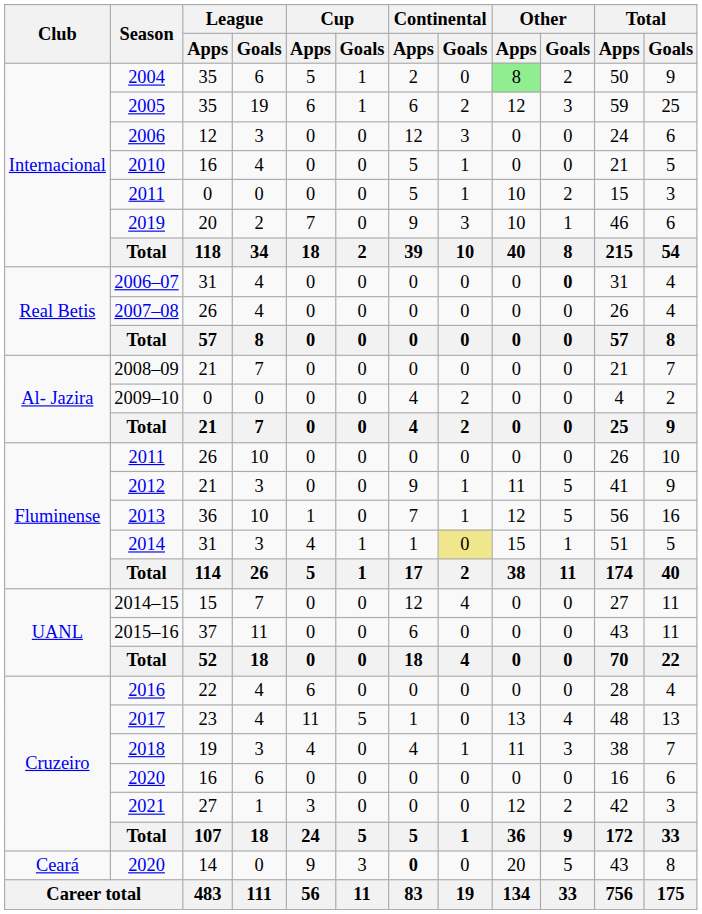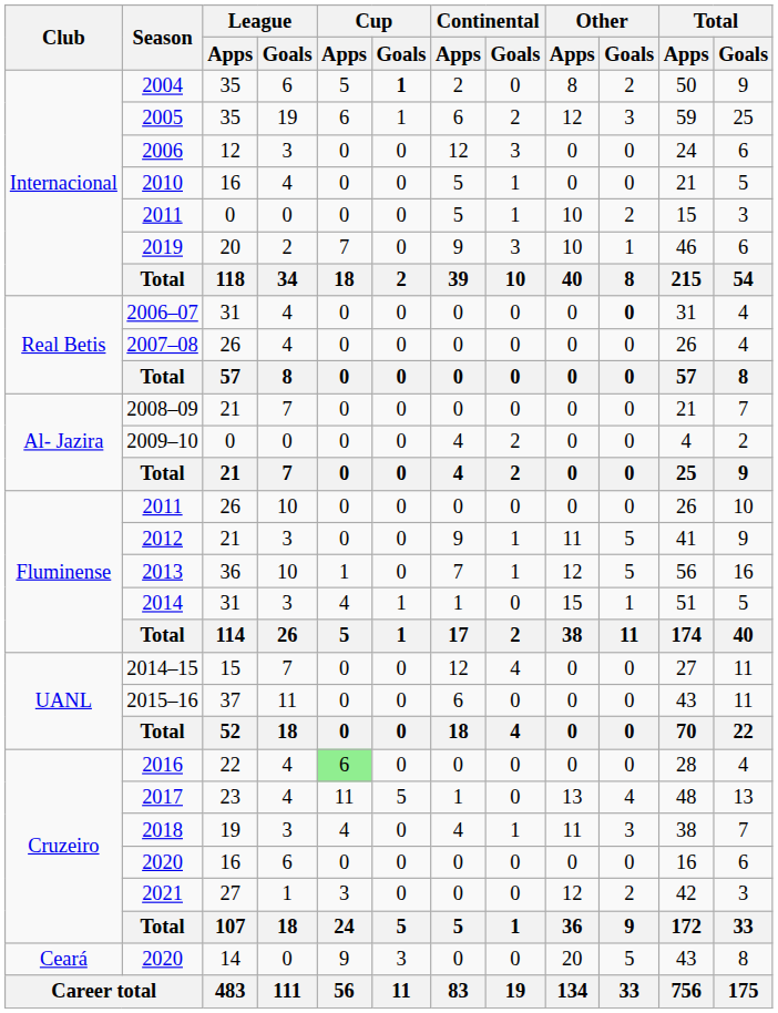 <table class="wikitable" style="text-align:center">
 <tr>
 <th rowspan="2">Club</th>
 <th rowspan="2">Season</th>
 <th colspan="2">League</th>
 <th colspan="2">Cup</th>
 <th colspan="2">Continental</th>
 <th colspan="2">Other</th>
 <th colspan="2">Total</th>
 </tr>
 <tr>
 <th>Apps</th>
 <th>Goals</th>
 <th>Apps</th>
 <th>Goals</th>
 <th>Apps</th>
 <th>Goals</th>
 <th>Apps</th>
 <th>Goals</th>
 <th>Apps</th>
 <th>Goals</th>
 </tr>
 <tr>
 <td rowspan="7"><a href='#'>Internacional</a></td>
 <td><a href='#'>2004</a></td>
 <td>35</td>
 <td>6</td>
 <td>5</td>
-<td>1</td>
+<td><strong>1</strong></td>
 <td>2</td>
 <td>0</td>
-<td style="background: lightgreen;">8</td>
+<td>8</td>
 <td>2</td>
 <td>50</td>
 <td>9</td>
 </tr>
 <tr>
 <td><a href='#'>2005</a></td>
 <td>35</td>
 <td>19</td>
 <td>6</td>
 <td>1</td>
 <td>6</td>
 <td>2</td>
 <td>12</td>
 <td>3</td>
 <td>59</td>
 <td>25</td>
 </tr>
 <tr>
 <td><a href='#'>2006</a></td>
 <td>12</td>
 <td>3</td>
 <td>0</td>
 <td>0</td>
 <td>12</td>
 <td>3</td>
 <td>0</td>
 <td>0</td>
 <td>24</td>
 <td>6</td>
 </tr>
 <tr>
 <td><a href='#'>2010</a></td>
 <td>16</td>
 <td>4</td>
 <td>0</td>
 <td>0</td>
 <td>5</td>
 <td>1</td>
 <td>0</td>
 <td>0</td>
 <td>21</td>
 <td>5</td>
 </tr>
 <tr>
 <td><a href='#'>2011</a></td>
 <td>0</td>
 <td>0</td>
 <td>0</td>
 <td>0</td>
 <td>5</td>
 <td>1</td>
 <td>10</td>
 <td>2</td>
 <td>15</td>
 <td>3</td>
 </tr>
 <tr>
 <td><a href='#'>2019</a></td>
 <td>20</td>
 <td>2</td>
 <td>7</td>
 <td>0</td>
 <td>9</td>
 <td>3</td>
 <td>10</td>
 <td>1</td>
 <td>46</td>
 <td>6</td>
 </tr>
 <tr>
 <th>Total</th>
 <th>118</th>
 <th>34</th>
 <th>18</th>
 <th>2</th>
 <th>39</th>
 <th>10</th>
 <th>40</th>
 <th>8</th>
 <th>215</th>
 <th>54</th>
 </tr>
 <tr>
 <td rowspan="3"><a href='#'>Real Betis</a></td>
 <td><a href='#'>2006–07</a></td>
 <td>31</td>
 <td>4</td>
 <td>0</td>
 <td>0</td>
 <td>0</td>
 <td>0</td>
 <td>0</td>
 <td><strong>0</strong></td>
 <td>31</td>
 <td>4</td>
 </tr>
 <tr>
 <td><a href='#'>2007–08</a></td>
 <td>26</td>
 <td>4</td>
 <td>0</td>
 <td>0</td>
 <td>0</td>
 <td>0</td>
 <td>0</td>
 <td>0</td>
 <td>26</td>
 <td>4</td>
 </tr>
 <tr>
 <th>Total</th>
 <th>57</th>
 <th>8</th>
 <th>0</th>
 <th>0</th>
 <th>0</th>
 <th>0</th>
 <th>0</th>
 <th>0</th>
 <th>57</th>
 <th>8</th>
 </tr>
 <tr>
 <td rowspan="3"><a href='#'>Al- Jazira</a></td>
 <td>2008–09</td>
 <td>21</td>
 <td>7</td>
 <td>0</td>
 <td>0</td>
 <td>0</td>
 <td>0</td>
 <td>0</td>
 <td>0</td>
 <td>21</td>
 <td>7</td>
 </tr>
 <tr>
 <td>2009–10</td>
 <td>0</td>
 <td>0</td>
 <td>0</td>
 <td>0</td>
 <td>4</td>
 <td>2</td>
 <td>0</td>
 <td>0</td>
 <td>4</td>
 <td>2</td>
 </tr>
 <tr>
 <th>Total</th>
 <th>21</th>
 <th>7</th>
 <th>0</th>
 <th>0</th>
 <th>4</th>
 <th>2</th>
 <th>0</th>
 <th>0</th>
 <th>25</th>
 <th>9</th>
 </tr>
 <tr>
 <td rowspan="5"><a href='#'>Fluminense</a></td>
 <td><a href='#'>2011</a></td>
 <td>26</td>
 <td>10</td>
 <td>0</td>
 <td>0</td>
 <td>0</td>
 <td>0</td>
 <td>0</td>
 <td>0</td>
 <td>26</td>
 <td>10</td>
 </tr>
 <tr>
 <td><a href='#'>2012</a></td>
 <td>21</td>
 <td>3</td>
 <td>0</td>
 <td>0</td>
 <td>9</td>
 <td>1</td>
 <td>11</td>
 <td>5</td>
 <td>41</td>
 <td>9</td>
 </tr>
 <tr>
 <td><a href='#'>2013</a></td>
 <td>36</td>
 <td>10</td>
 <td>1</td>
 <td>0</td>
 <td>7</td>
 <td>1</td>
 <td>12</td>
 <td>5</td>
 <td>56</td>
 <td>16</td>
 </tr>
 <tr>
 <td><a href='#'>2014</a></td>
 <td>31</td>
 <td>3</td>
 <td>4</td>
 <td>1</td>
 <td>1</td>
-<td style="background: khaki;">0</td>
+<td>0</td>
 <td>15</td>
 <td>1</td>
 <td>51</td>
 <td>5</td>
 </tr>
 <tr>
 <th>Total</th>
 <th>114</th>
 <th>26</th>
 <th>5</th>
 <th>1</th>
 <th>17</th>
 <th>2</th>
 <th>38</th>
 <th>11</th>
 <th>174</th>
 <th>40</th>
 </tr>
 <tr>
 <td rowspan="3"><a href='#'>UANL</a></td>
 <td>2014–15</td>
 <td>15</td>
 <td>7</td>
 <td>0</td>
 <td>0</td>
 <td>12</td>
 <td>4</td>
 <td>0</td>
 <td>0</td>
 <td>27</td>
 <td>11</td>
 </tr>
 <tr>
 <td>2015–16</td>
 <td>37</td>
 <td>11</td>
 <td>0</td>
 <td>0</td>
 <td>6</td>
 <td>0</td>
 <td>0</td>
 <td>0</td>
 <td>43</td>
 <td>11</td>
 </tr>
 <tr>
 <th>Total</th>
 <th>52</th>
 <th>18</th>
 <th>0</th>
 <th>0</th>
 <th>18</th>
 <th>4</th>
 <th>0</th>
 <th>0</th>
 <th>70</th>
 <th>22</th>
 </tr>
 <tr>
 <td rowspan="6"><a href='#'>Cruzeiro</a></td>
 <td><a href='#'>2016</a></td>
 <td>22</td>
 <td>4</td>
-<td>6</td>
+<td style="background: lightgreen;">6</td>
 <td>0</td>
 <td>0</td>
 <td>0</td>
 <td>0</td>
 <td>0</td>
 <td>28</td>
 <td>4</td>
 </tr>
 <tr>
 <td><a href='#'>2017</a></td>
 <td>23</td>
 <td>4</td>
 <td>11</td>
 <td>5</td>
 <td>1</td>
 <td>0</td>
 <td>13</td>
 <td>4</td>
 <td>48</td>
 <td>13</td>
 </tr>
 <tr>
 <td><a href='#'>2018</a></td>
 <td>19</td>
 <td>3</td>
 <td>4</td>
 <td>0</td>
 <td>4</td>
 <td>1</td>
 <td>11</td>
 <td>3</td>
 <td>38</td>
 <td>7</td>
 </tr>
 <tr>
 <td><a href='#'>2020</a></td>
 <td>16</td>
 <td>6</td>
 <td>0</td>
 <td>0</td>
 <td>0</td>
 <td>0</td>
 <td>0</td>
 <td>0</td>
 <td>16</td>
 <td>6</td>
 </tr>
 <tr>
 <td><a href='#'>2021</a></td>
 <td>27</td>
 <td>1</td>
 <td>3</td>
 <td>0</td>
 <td>0</td>
 <td>0</td>
 <td>12</td>
 <td>2</td>
 <td>42</td>
 <td>3</td>
 </tr>
 <tr>
 <th>Total</th>
 <th>107</th>
 <th>18</th>
 <th>24</th>
 <th>5</th>
 <th>5</th>
 <th>1</th>
 <th>36</th>
 <th>9</th>
 <th>172</th>
 <th>33</th>
 </tr>
 <tr>
 <td><a href='#'>Ceará</a></td>
 <td><a href='#'>2020</a></td>
 <td>14</td>
 <td>0</td>
 <td>9</td>
 <td>3</td>
-<td><strong>0</strong></td>
+<td>0</td>
 <td>0</td>
 <td>20</td>
 <td>5</td>
 <td>43</td>
 <td>8</td>
 </tr>
 <tr>
 <th colspan="2">Career total</th>
 <th>483</th>
 <th>111</th>
 <th>56</th>
 <th>11</th>
 <th>83</th>
 <th>19</th>
 <th>134</th>
 <th>33</th>
 <th>756</th>
 <th>175</th>
 </tr>
 </table>
